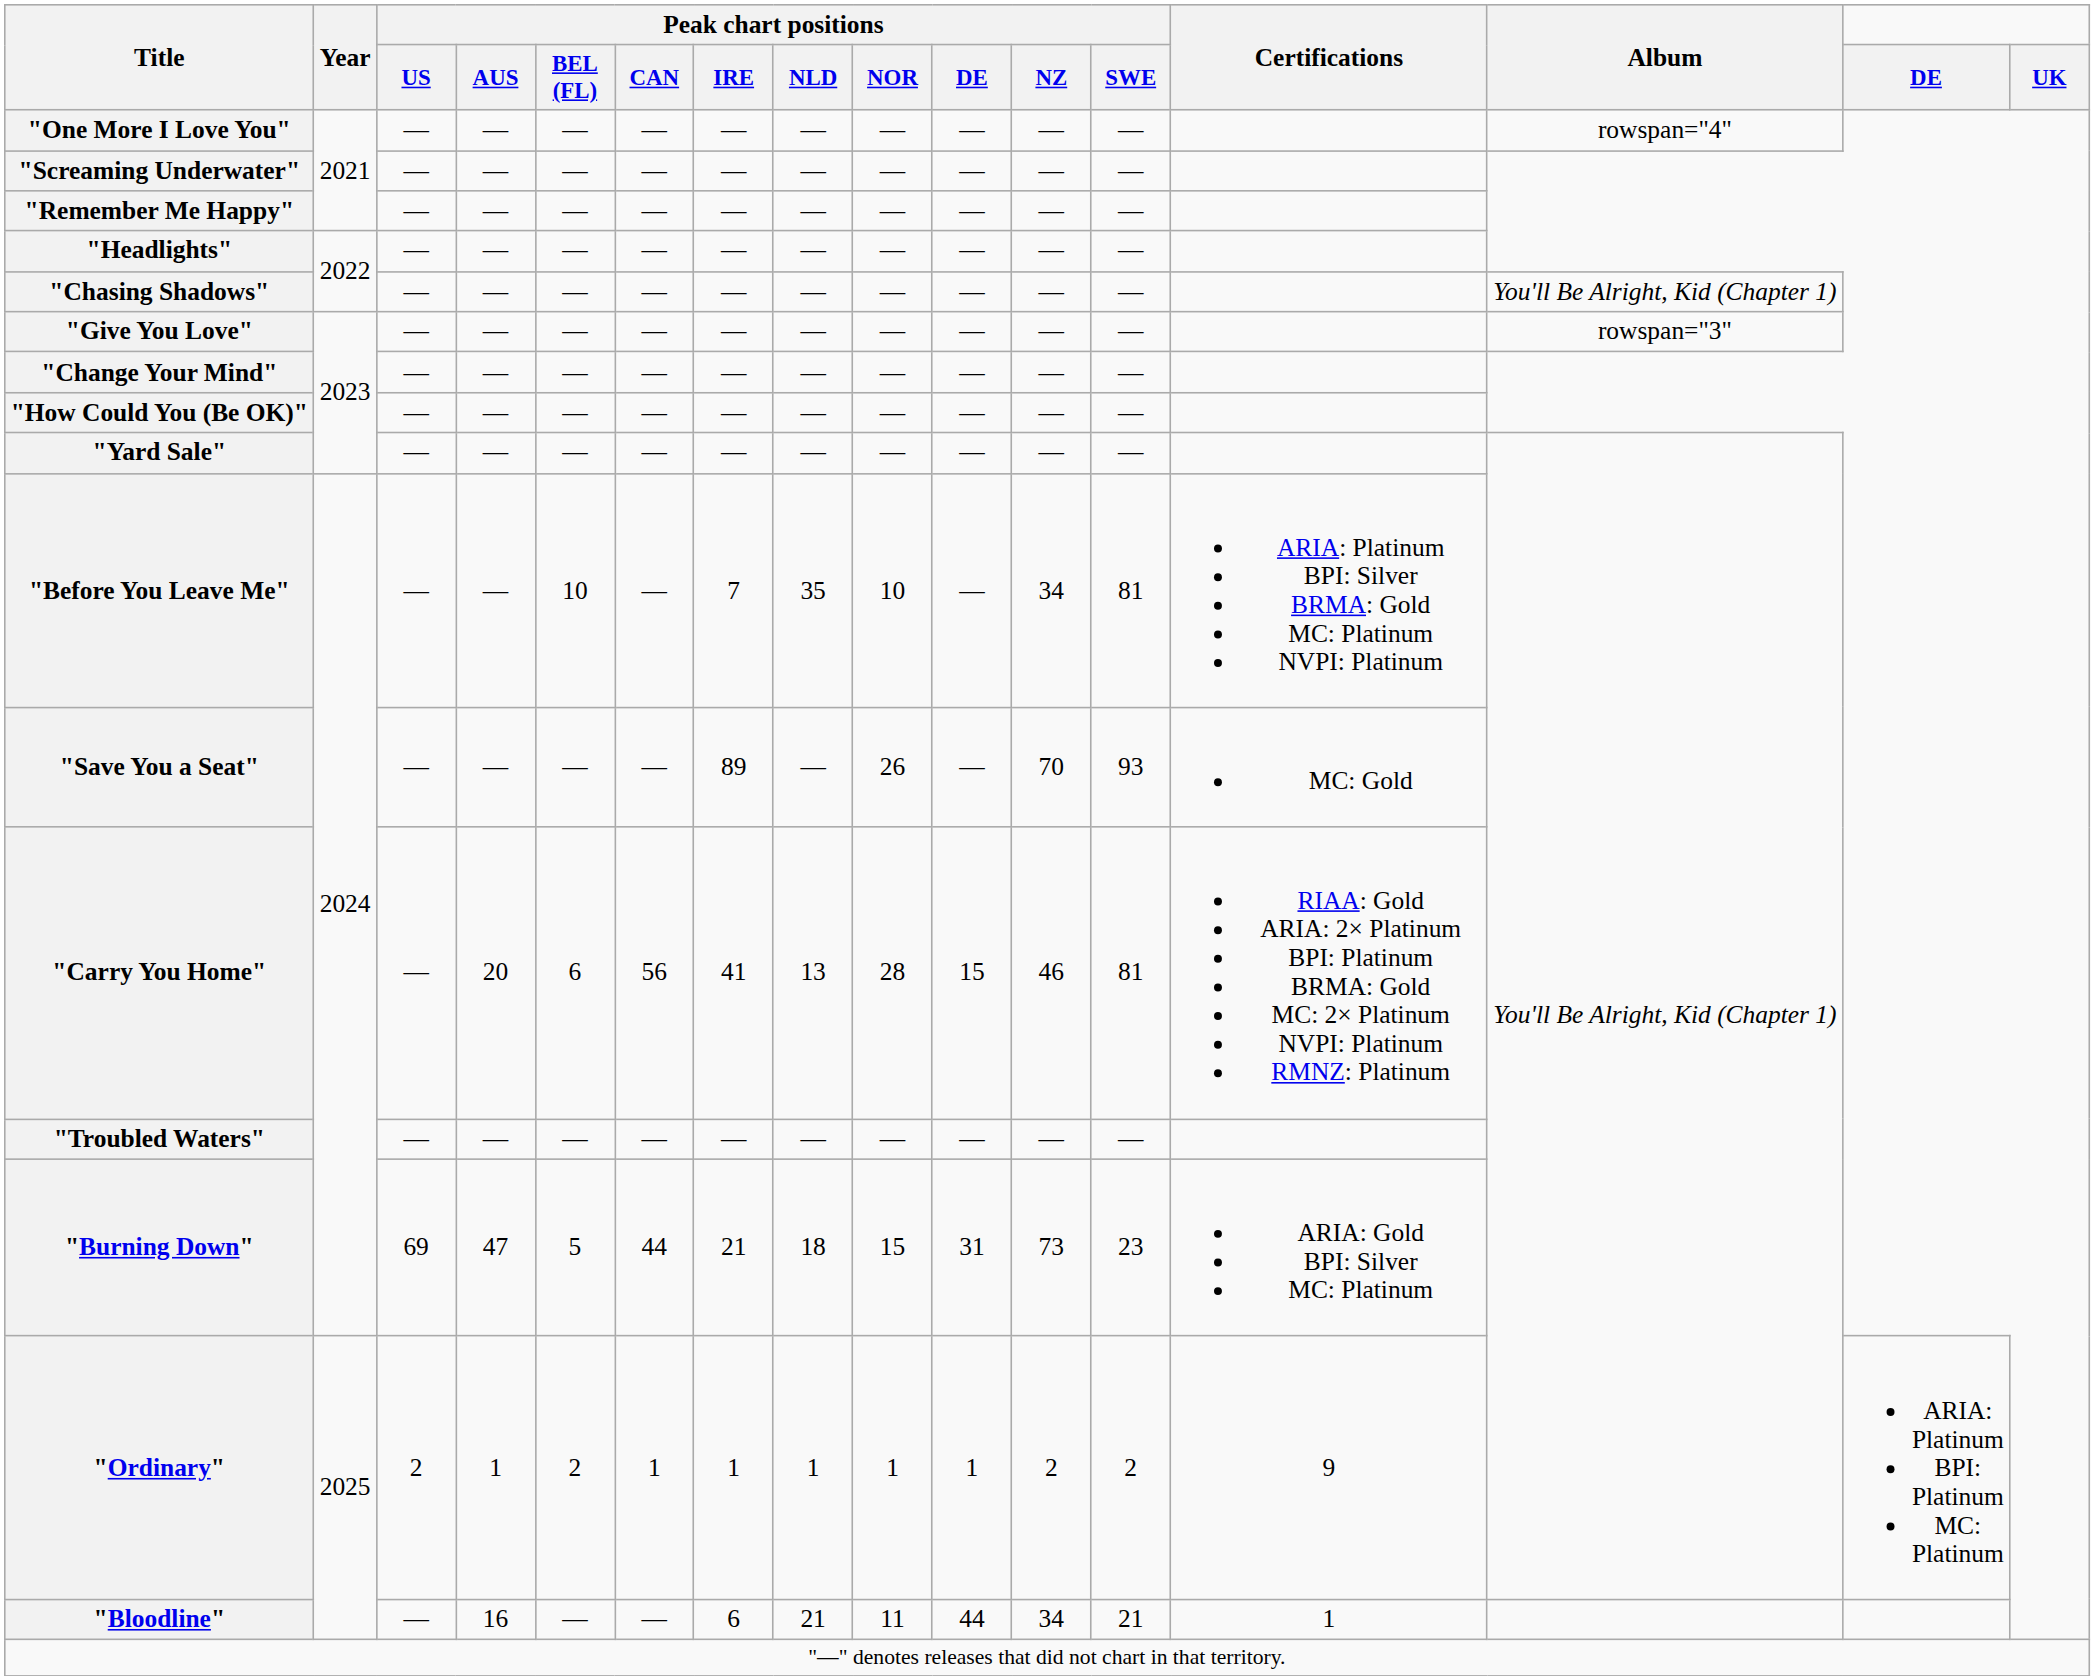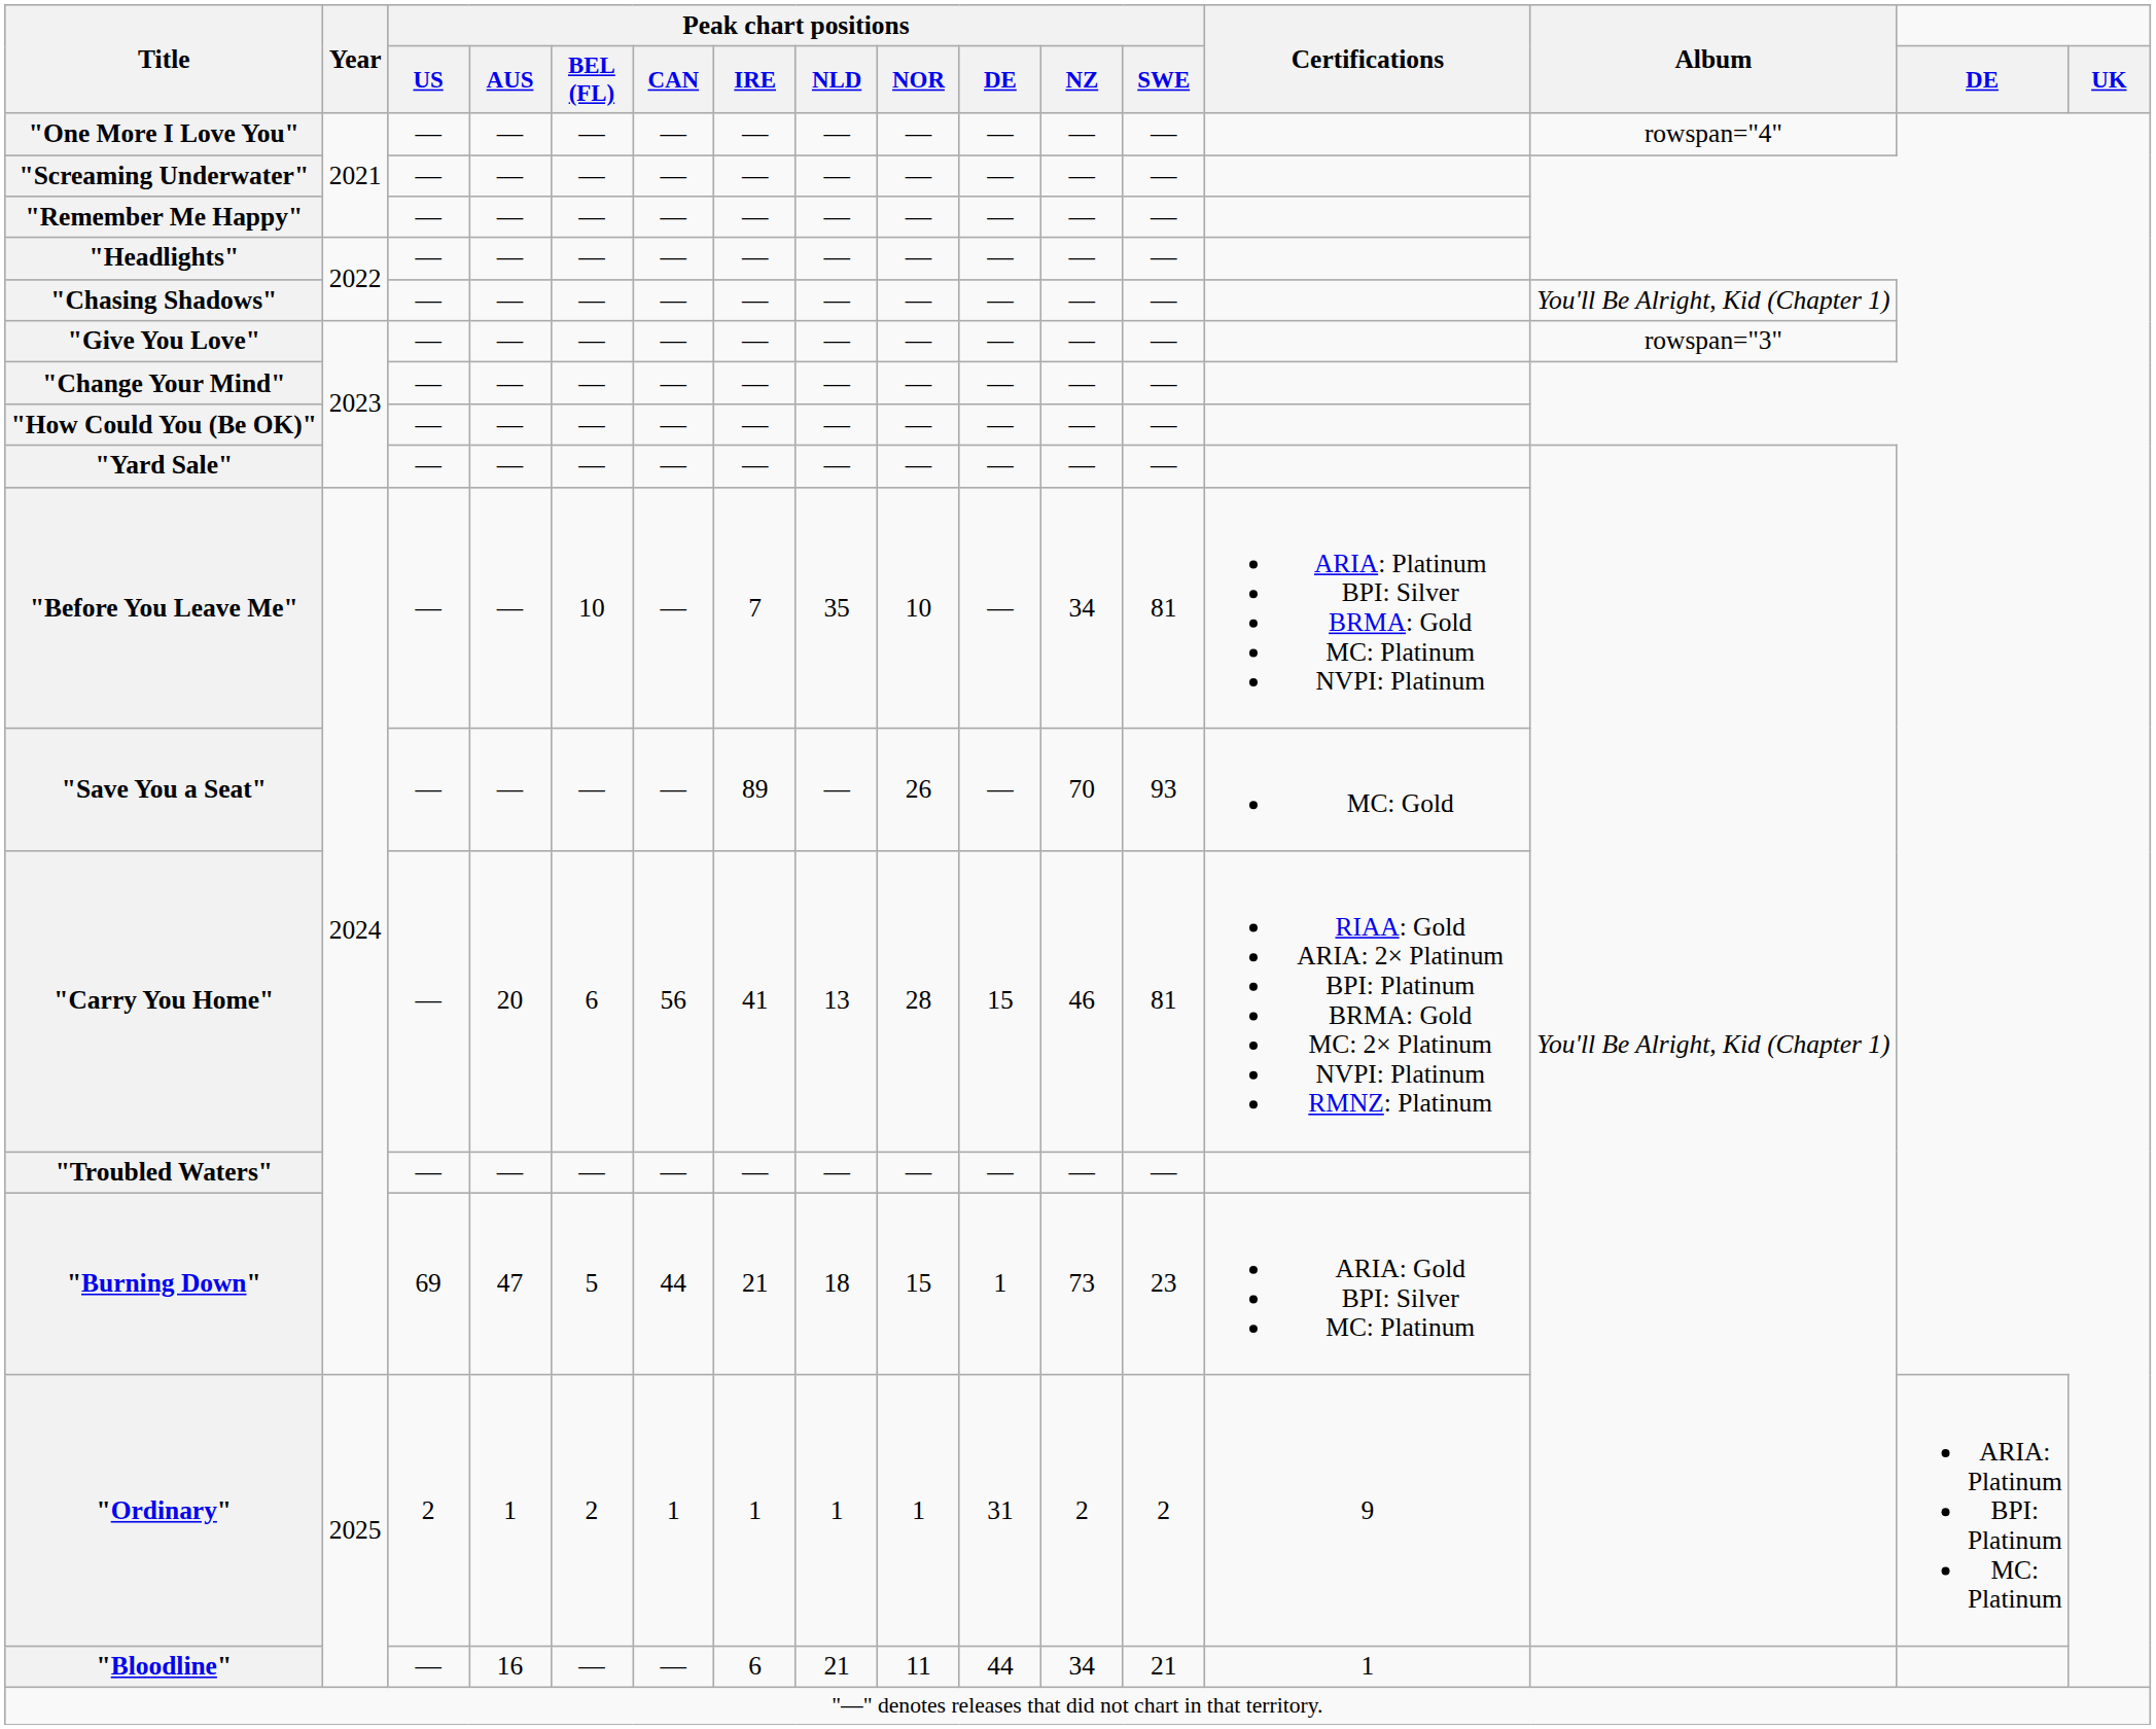 <table class="wikitable plainrowheaders" style="text-align:center;">
 <tr>
 <th scope="col" rowspan="2">Title</th>
 <th scope="col" rowspan="2">Year</th>
 <th scope="col" colspan="10">Peak chart positions</th>
 <th scope="col" rowspan="2" style="width:12em;">Certifications</th>
 <th scope="col" rowspan="2">Album</th>
 </tr>
 <tr>
 <th scope="col" style="width:3em;font-size:90%;"><a href='#'>US</a><br></th>
 <th scope="col" style="width:3em;font-size:90%;"><a href='#'>AUS</a><br></th>
 <th scope="col" style="width:3em;font-size:90%;"><a href='#'>BEL<br>(FL)</a><br></th>
 <th scope="col" style="width:3em;font-size:90%;"><a href='#'>CAN</a><br></th>
 <th scope="col" style="width:3em;font-size:90%;"><a href='#'>IRE</a><br></th>
 <th scope="col" style="width:3em;font-size:90%;"><a href='#'>NLD</a><br></th>
 <th scope="col" style="width:3em;font-size:90%;"><a href='#'>NOR</a><br></th>
 <th scope="col" style="width:3em;font-size:90%;"><a href='#'>DE</a><br></th>
 <th scope="col" style="width:3em;font-size:90%;"><a href='#'>NZ</a><br></th>
 <th scope="col" style="width:3em;font-size:90%;"><a href='#'>SWE</a><br></th>
 <th scope="col" style="width:3em;font-size:90%;"><a href='#'>DE</a><br></th>
 <th scope="col" style="width:3em;font-size:90%;"><a href='#'>UK</a><br></th>
 </tr>
 <tr>
 <th scope="row">"One More I Love You"</th>
 <td rowspan="3">2021</td>
 <td>—</td>
 <td>—</td>
 <td>—</td>
 <td>—</td>
 <td>—</td>
 <td>—</td>
 <td>—</td>
 <td>—</td>
 <td>—</td>
 <td>—</td>
 <td></td>
 <td>rowspan="4" </td>
 </tr>
 <tr>
 <th scope="row">"Screaming Underwater"</th>
 <td>—</td>
 <td>—</td>
 <td>—</td>
 <td>—</td>
 <td>—</td>
 <td>—</td>
 <td>—</td>
 <td>—</td>
 <td>—</td>
 <td>—</td>
 <td></td>
 </tr>
 <tr>
 <th scope="row">"Remember Me Happy"</th>
 <td>—</td>
 <td>—</td>
 <td>—</td>
 <td>—</td>
 <td>—</td>
 <td>—</td>
 <td>—</td>
 <td>—</td>
 <td>—</td>
 <td>—</td>
 <td></td>
 </tr>
 <tr>
 <th scope="row">"Headlights"</th>
 <td rowspan="2">2022</td>
 <td>—</td>
 <td>—</td>
 <td>—</td>
 <td>—</td>
 <td>—</td>
 <td>—</td>
 <td>—</td>
 <td>—</td>
 <td>—</td>
 <td>—</td>
 <td></td>
 </tr>
 <tr>
 <th scope="row">"Chasing Shadows"</th>
 <td>—</td>
 <td>—</td>
 <td>—</td>
 <td>—</td>
 <td>—</td>
 <td>—</td>
 <td>—</td>
 <td>—</td>
 <td>—</td>
 <td>—</td>
 <td></td>
 <td><em>You'll Be Alright, Kid (Chapter 1)</em></td>
 </tr>
 <tr>
 <th scope="row">"Give You Love"</th>
 <td rowspan="4">2023</td>
 <td>—</td>
 <td>—</td>
 <td>—</td>
 <td>—</td>
 <td>—</td>
 <td>—</td>
 <td>—</td>
 <td>—</td>
 <td>—</td>
 <td>—</td>
 <td></td>
 <td>rowspan="3" </td>
 </tr>
 <tr>
 <th scope="row">"Change Your Mind"</th>
 <td>—</td>
 <td>—</td>
 <td>—</td>
 <td>—</td>
 <td>—</td>
 <td>—</td>
 <td>—</td>
 <td>—</td>
 <td>—</td>
 <td>—</td>
 <td></td>
 </tr>
 <tr>
 <th scope="row">"How Could You (Be OK)"</th>
 <td>—</td>
 <td>—</td>
 <td>—</td>
 <td>—</td>
 <td>—</td>
 <td>—</td>
 <td>—</td>
 <td>—</td>
 <td>—</td>
 <td>—</td>
 <td></td>
 </tr>
 <tr>
 <th scope="row">"Yard Sale"</th>
 <td>—</td>
 <td>—</td>
 <td>—</td>
 <td>—</td>
 <td>—</td>
 <td>—</td>
 <td>—</td>
 <td>—</td>
 <td>—</td>
 <td>—</td>
 <td></td>
 <td rowspan="7"><em>You'll Be Alright, Kid (Chapter 1)</em></td>
 </tr>
 <tr>
 <th scope="row">"Before You Leave Me"</th>
 <td rowspan="5">2024</td>
 <td>—</td>
 <td>—</td>
 <td>10</td>
 <td>—</td>
 <td>7</td>
 <td>35</td>
 <td>10</td>
 <td>—</td>
 <td>34</td>
 <td>81</td>
 <td><br><ul><li><a href='#'>ARIA</a>: Platinum</li><li>BPI: Silver</li><li><a href='#'>BRMA</a>: Gold</li><li>MC: Platinum</li><li>NVPI: Platinum</li></ul></td>
 </tr>
 <tr>
 <th scope="row">"Save You a Seat"</th>
 <td>—</td>
 <td>—</td>
 <td>—</td>
 <td>—</td>
 <td>89</td>
 <td>—</td>
 <td>26</td>
 <td>—</td>
 <td>70</td>
 <td>93</td>
 <td><br><ul><li>MC: Gold</li></ul></td>
 </tr>
 <tr>
 <th scope="row">"Carry You Home"<br></th>
 <td>—</td>
 <td>20</td>
 <td>6</td>
 <td>56</td>
 <td>41</td>
 <td>13</td>
 <td>28</td>
 <td>15<br></td>
 <td>46</td>
 <td>81</td>
 <td><br><ul><li><a href='#'>RIAA</a>: Gold</li><li>ARIA: 2× Platinum</li><li>BPI: Platinum</li><li>BRMA: Gold</li><li>MC: 2× Platinum</li><li>NVPI: Platinum</li><li><a href='#'>RMNZ</a>: Platinum</li></ul></td>
 </tr>
 <tr>
 <th scope="row">"Troubled Waters"</th>
 <td>—</td>
 <td>—</td>
 <td>—</td>
 <td>—</td>
 <td>—</td>
 <td>—</td>
 <td>—</td>
 <td>—</td>
 <td>—</td>
 <td>—</td>
 <td></td>
 </tr>
 <tr>
 <th scope="row">"<a href='#'>Burning Down</a>" <br></th>
 <td>69</td>
 <td>47</td>
 <td>5</td>
 <td>44</td>
 <td>21</td>
 <td>18</td>
 <td>15</td>
-<td>31</td>
+<td>1</td>
 <td>73</td>
 <td>23</td>
 <td><br><ul><li>ARIA: Gold</li><li>BPI: Silver</li><li>MC: Platinum</li></ul></td>
 </tr>
 <tr>
 <th scope="row">"<a href='#'>Ordinary</a>"</th>
 <td rowspan="2">2025</td>
 <td>2</td>
 <td>1</td>
 <td>2</td>
 <td>1</td>
 <td>1</td>
 <td>1</td>
 <td>1</td>
-<td>1</td>
+<td>31</td>
 <td>2</td>
 <td>2</td>
 <td>9</td>
 <td><br><ul><li>ARIA: Platinum</li><li>BPI: Platinum</li><li>MC: Platinum</li></ul></td>
 </tr>
 <tr>
 <th scope="row">"<a href='#'>Bloodline</a>"<br></th>
 <td>—</td>
 <td>16<br></td>
 <td>—</td>
 <td>—</td>
 <td>6</td>
 <td>21</td>
 <td>11<br></td>
 <td>44</td>
 <td>34</td>
 <td>21<br></td>
 <td>1</td>
 <td></td>
 <td></td>
 </tr>
 <tr>
 <td colspan="18" style="font-size:85%">"—" denotes releases that did not chart in that territory.</td>
 </tr>
 </table>
